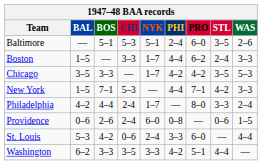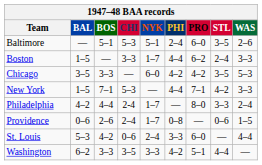 <table class="wikitable" style="font-size:95%; text-align:center;">
 <tr>
 <th colspan=12>1947–48 BAA records</th>
 </tr>
 <tr>
 <th width=100>Team</th>
 <th style="background: #003DA5;color:#FFFFFF;width=35">BAL</th>
 <th style="background:#006400;color:#FFFFFF;width=35">BOS</th>
 <th style="background:#D50032;color:#22356A;width=35">CHI</th>
 <th style="background:#003EA4;color:#E85109;width=35">NYK</th>
 <th style="background:#002F6C;color:#FFC72C;width=35">PHI</th>
 <th style="background:#D40032;color:#000000;width=35">PRO</th>
 <th style="background:#D40032;color:#FFFFFF;width=35">STL</th>
 <th style="background:#046B38;color:#FFFFFF;width=35">WAS</th>
 </tr>
 <tr>
 <td style="text-align:left;">Baltimore</td>
 <td>—</td>
 <td>5–1</td>
 <td>5–3</td>
 <td>5–1</td>
 <td>2–4</td>
 <td>6–0</td>
 <td>3–5</td>
 <td>2–6</td>
 </tr>
 <tr>
 <td style="text-align:left;"><a href='#'>Boston</a></td>
 <td>1–5</td>
 <td>—</td>
 <td>3–3</td>
 <td>1–7</td>
 <td>4–4</td>
 <td>6–2</td>
 <td>2–4</td>
 <td>3–3</td>
 </tr>
 <tr>
 <td style="text-align:left;"><a href='#'>Chicago</a></td>
 <td>3–5</td>
 <td>3–3</td>
 <td>—</td>
-<td>1–7</td>
+<td>6–0</td>
 <td>4–2</td>
 <td>4–2</td>
 <td>3–5</td>
 <td>5–3</td>
 </tr>
 <tr>
 <td style="text-align:left;"><a href='#'>New York</a></td>
 <td>1–5</td>
 <td>7–1</td>
 <td>5–3</td>
 <td>—</td>
 <td>4–4</td>
 <td>7–1</td>
 <td>4–2</td>
 <td>3–3</td>
 </tr>
 <tr>
 <td style="text-align:left;"><a href='#'>Philadelphia</a></td>
 <td>4–2</td>
 <td>4–4</td>
 <td>2-4</td>
 <td>1–7</td>
 <td>—</td>
 <td>8–0</td>
 <td>3–3</td>
 <td>2–4</td>
 </tr>
 <tr>
 <td style="text-align:left;"><a href='#'>Providence</a></td>
 <td>0–6</td>
 <td>2–6</td>
 <td>2–4</td>
-<td>6–0</td>
+<td>1–7</td>
 <td>0–8</td>
 <td>—</td>
 <td>0–6</td>
 <td>1–5</td>
 </tr>
 <tr>
 <td style="text-align:left;"><a href='#'>St. Louis</a></td>
 <td>5–3</td>
 <td>4–2</td>
 <td>0–6</td>
 <td>2–4</td>
 <td>3–3</td>
 <td>6–0</td>
 <td>—</td>
 <td>4–4</td>
 </tr>
 <tr>
 <td style="text-align:left;"><a href='#'>Washington</a></td>
 <td>6–2</td>
 <td>3–3</td>
 <td>3–5</td>
 <td>3–3</td>
 <td>4–2</td>
 <td>5–1</td>
 <td>4–4</td>
 <td>—</td>
 </tr>
 </table>
